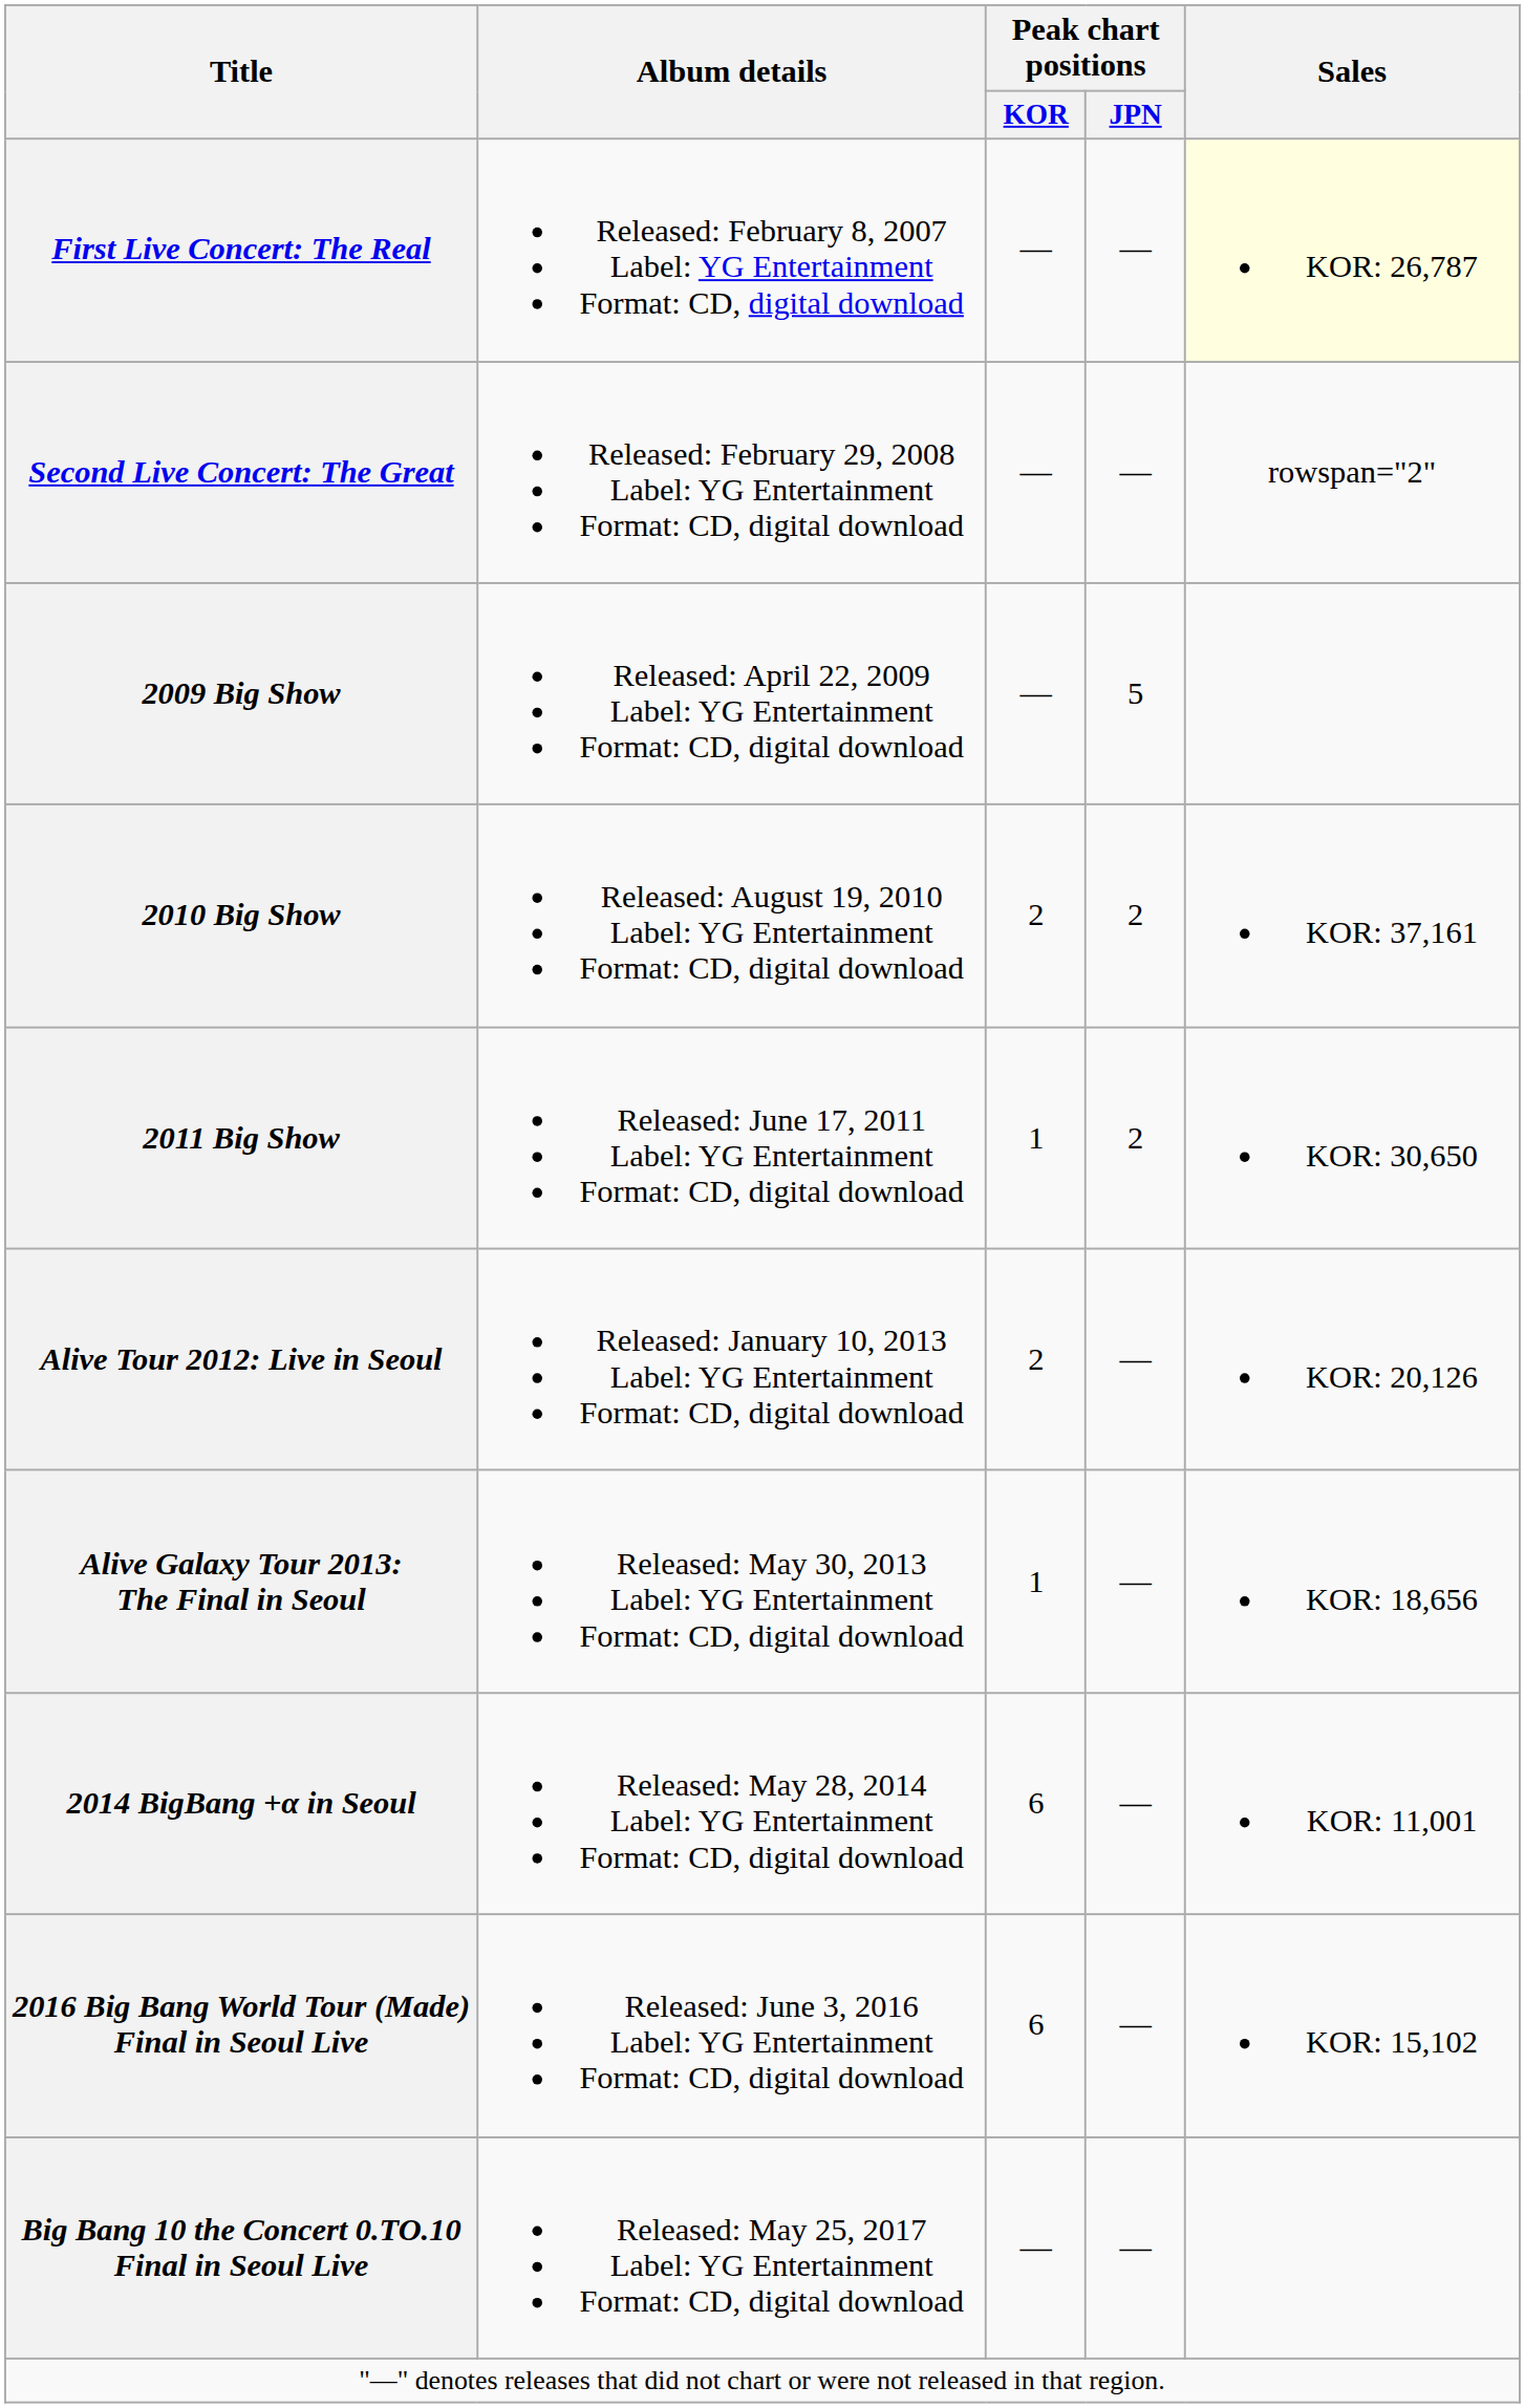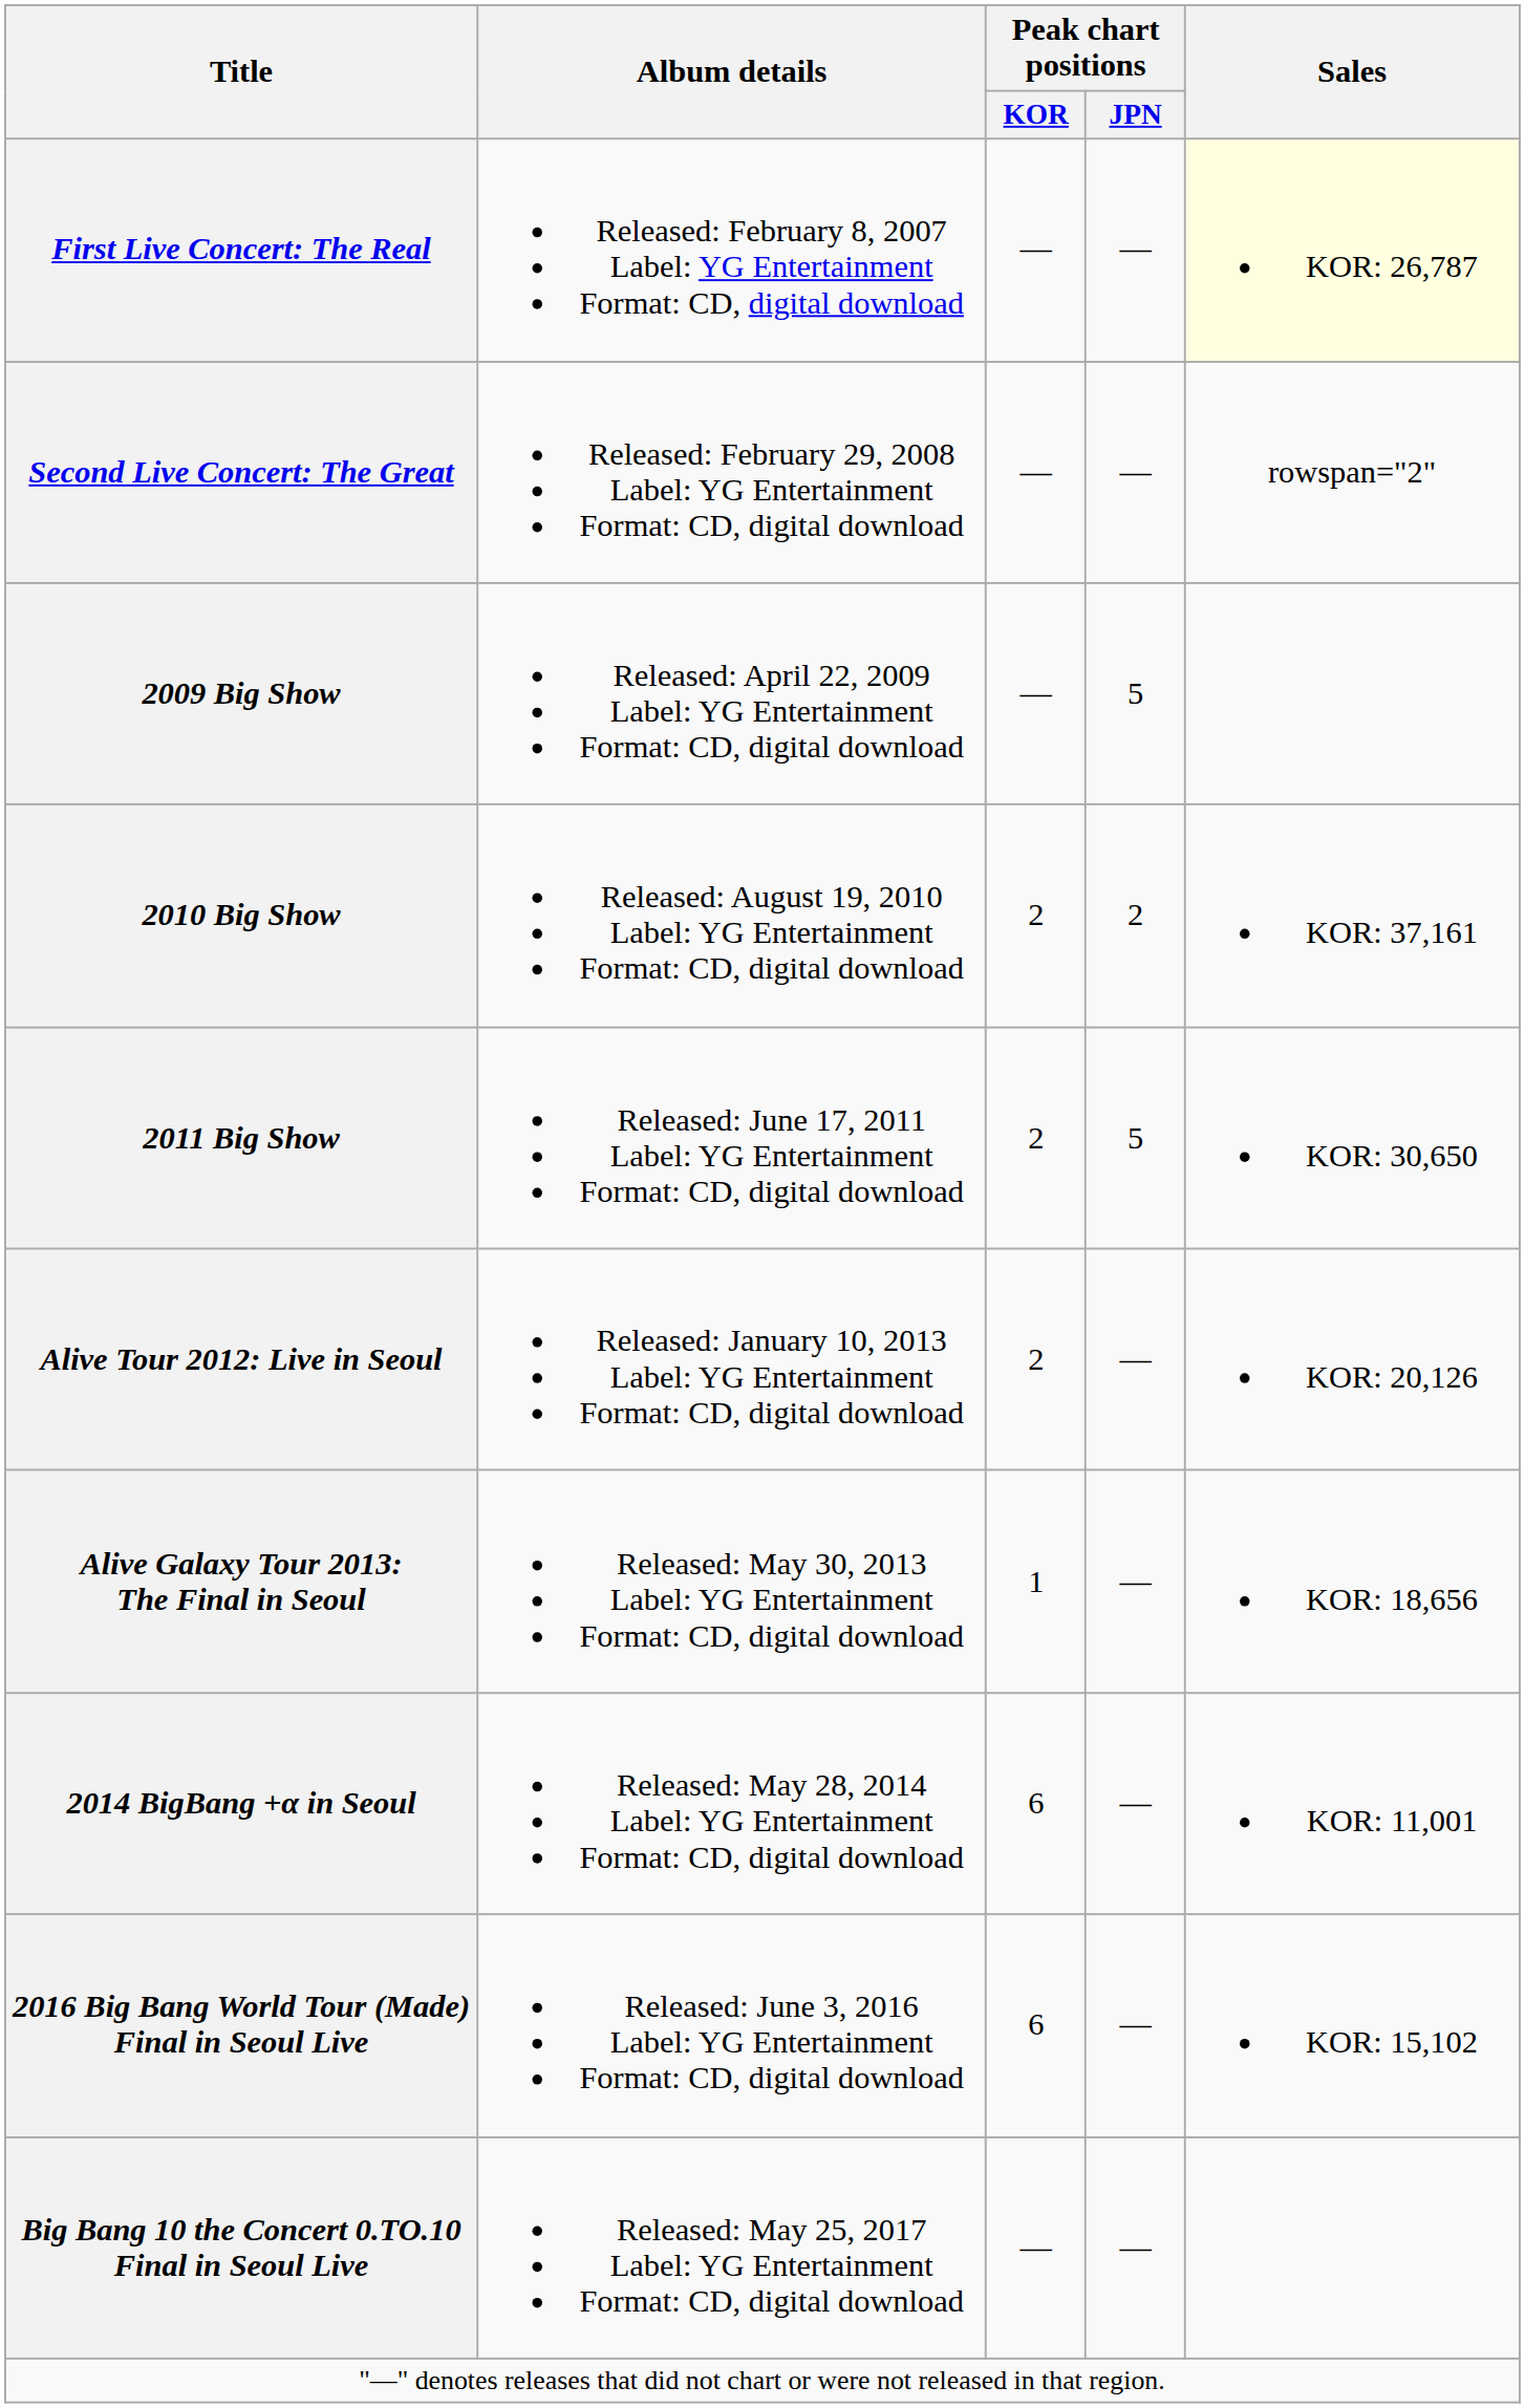 <table class="wikitable plainrowheaders" style="text-align:center;">
 <tr>
 <th rowspan="2">Title</th>
 <th rowspan="2" style="width:15.5em;">Album details</th>
 <th colspan="2">Peak chart positions</th>
 <th rowspan="2" style="width:10em;">Sales</th>
 </tr>
 <tr>
 <th scope="col" style="width:3em;font-size:90%;"><a href='#'>KOR</a><br></th>
 <th scope="col" style="width:3em;font-size:90%;"><a href='#'>JPN</a><br></th>
 </tr>
 <tr>
 <th scope="row"><em><a href='#'>First Live Concert: The Real</a></em></th>
 <td><br><ul><li>Released: February 8, 2007</li><li>Label: <a href='#'>YG Entertainment</a></li><li>Format: CD, <a href='#'>digital download</a></li></ul></td>
 <td>—</td>
 <td>—</td>
 <td style="background: lightyellow;"><br><ul><li>KOR: 26,787</li></ul></td>
 </tr>
 <tr>
 <th scope="row"><em><a href='#'>Second Live Concert: The Great</a></em></th>
 <td><br><ul><li>Released: February 29, 2008</li><li>Label: YG Entertainment</li><li>Format: CD, digital download</li></ul></td>
 <td>—</td>
 <td>—</td>
 <td>rowspan="2" </td>
 </tr>
 <tr>
 <th scope="row"><em>2009 Big Show</em></th>
 <td><br><ul><li>Released: April 22, 2009</li><li>Label: YG Entertainment</li><li>Format: CD, digital download</li></ul></td>
 <td>—</td>
 <td>5</td>
 </tr>
 <tr>
 <th scope="row"><em>2010 Big Show</em></th>
 <td><br><ul><li>Released: August 19, 2010</li><li>Label: YG Entertainment</li><li>Format: CD, digital download</li></ul></td>
 <td>2</td>
 <td>2</td>
 <td><br><ul><li>KOR: 37,161</li></ul></td>
 </tr>
 <tr>
 <th scope="row"><em>2011 Big Show</em></th>
 <td><br><ul><li>Released: June 17, 2011</li><li>Label: YG Entertainment</li><li>Format: CD, digital download</li></ul></td>
-<td>1</td>
 <td>2</td>
+<td>5</td>
 <td><br><ul><li>KOR: 30,650</li></ul></td>
 </tr>
 <tr>
 <th scope="row"><em>Alive Tour 2012: Live in Seoul</em></th>
 <td><br><ul><li>Released: January 10, 2013</li><li>Label: YG Entertainment</li><li>Format: CD, digital download</li></ul></td>
 <td>2</td>
 <td>—</td>
 <td><br><ul><li>KOR: 20,126</li></ul></td>
 </tr>
 <tr>
 <th scope="row"><em>Alive Galaxy Tour 2013: <br>The Final in Seoul</em></th>
 <td><br><ul><li>Released: May 30, 2013</li><li>Label: YG Entertainment</li><li>Format: CD, digital download</li></ul></td>
 <td>1</td>
 <td>—</td>
 <td><br><ul><li>KOR: 18,656</li></ul></td>
 </tr>
 <tr>
 <th scope="row"><em>2014 BigBang +α in Seoul</em></th>
 <td><br><ul><li>Released: May 28, 2014</li><li>Label: YG Entertainment</li><li>Format: CD, digital download</li></ul></td>
 <td>6</td>
 <td>—</td>
 <td><br><ul><li>KOR: 11,001</li></ul></td>
 </tr>
 <tr>
 <th scope="row"><em>2016 Big Bang World Tour (Made) <br>Final in Seoul Live</em></th>
 <td><br><ul><li>Released: June 3, 2016</li><li>Label: YG Entertainment</li><li>Format: CD, digital download</li></ul></td>
 <td>6</td>
 <td>—</td>
 <td><br><ul><li>KOR: 15,102</li></ul></td>
 </tr>
 <tr>
 <th scope="row"><em>Big Bang 10 the Concert 0.TO.10 <br>Final in Seoul Live</em></th>
 <td><br><ul><li>Released: May 25, 2017</li><li>Label: YG Entertainment</li><li>Format: CD, digital download</li></ul></td>
 <td>—</td>
 <td>—</td>
 <td></td>
 </tr>
 <tr>
 <td colspan="5" style="font-size:85%">"—" denotes releases that did not chart or were not released in that region.</td>
 </tr>
 </table>
